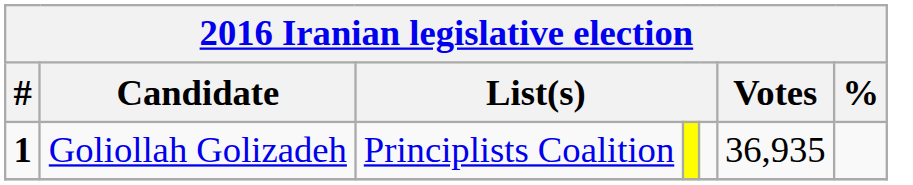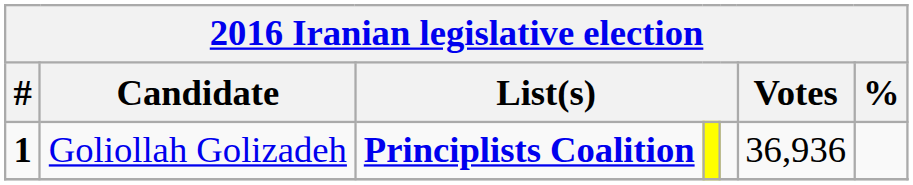 <table class=wikitable style=text-align:left>
 <tr>
 <th colspan="7" align=center><a href='#'>2016 Iranian legislative election</a></th>
 </tr>
 <tr>
 <th>#</th>
 <th>Candidate</th>
 <th colspan="3">List(s)</th>
 <th>Votes</th>
 <th>%</th>
 </tr>
 <tr>
 <td><strong>1</strong></td>
 <td><a href='#'>Goliollah Golizadeh</a></td>
-<td><a href='#'>Principlists Coalition</a></td>
+<td><strong><a href='#'>Principlists Coalition</a></strong></td>
 <td style="background:#FFFF00"></td>
 <td></td>
-<td>36,935</td>
+<td>36,936</td>
 <td></td>
 </tr>
 <tr>
 </tr>
 </table>
